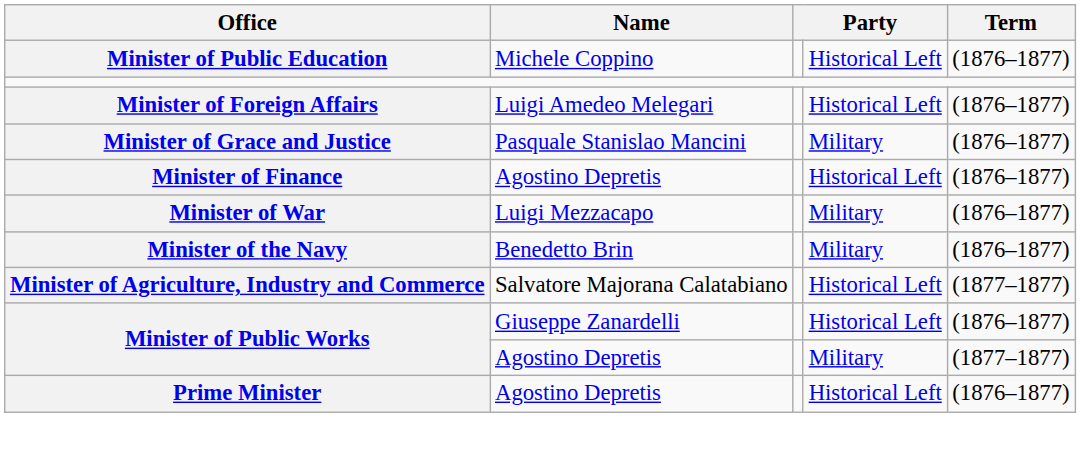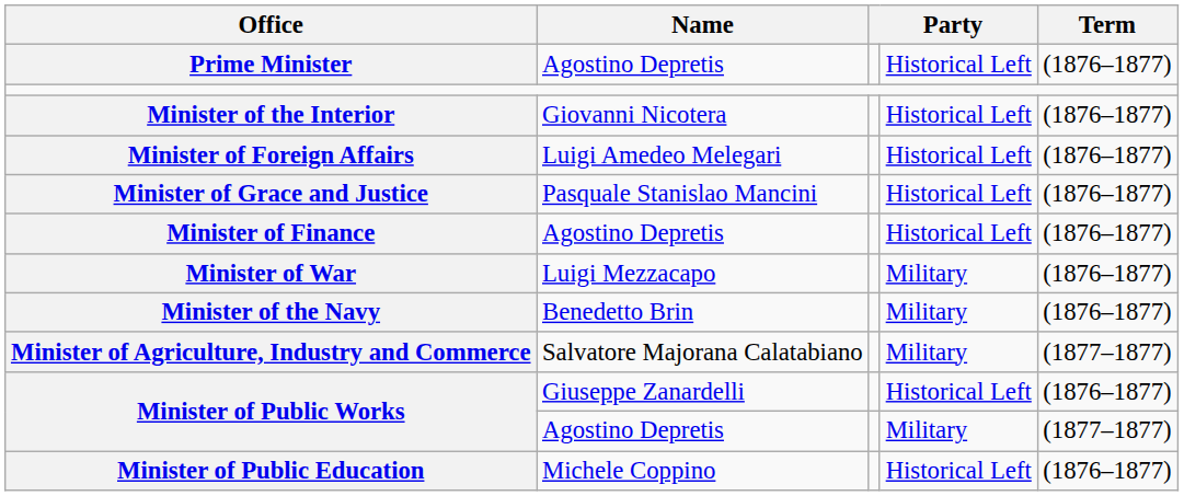 <table class="wikitable" style="font-size: 100%;">
 <tr>
 <th>Office</th>
 <th>Name</th>
 <th colspan=2>Party</th>
 <th>Term</th>
 </tr>
 <tr>
-<th><a href='#'>Minister of Public Education</a></th>
-<td><a href='#'>Michele Coppino</a></td>
+<th><a href='#'>Prime Minister</a></th>
+<td><a href='#'>Agostino Depretis</a></td>
 <td style="color:inherit;background:"></td>
 <td><a href='#'>Historical Left</a></td>
 <td>(1876–1877)</td>
 </tr>
 <tr>
 <td colspan=5></td>
+</tr>
+<tr>
+<th><a href='#'>Minister of the Interior</a></th>
+<td><a href='#'>Giovanni Nicotera</a></td>
+<td style="color:inherit;background:"></td>
+<td><a href='#'>Historical Left</a></td>
+<td>(1876–1877)</td>
 </tr>
 <tr>
 <th><a href='#'>Minister of Foreign Affairs</a></th>
 <td><a href='#'>Luigi Amedeo Melegari</a></td>
 <td style="color:inherit;background:"></td>
 <td><a href='#'>Historical Left</a></td>
 <td>(1876–1877)</td>
 </tr>
 <tr>
 <th><a href='#'>Minister of Grace and Justice</a></th>
 <td><a href='#'>Pasquale Stanislao Mancini</a></td>
 <td style="color:inherit;background:"></td>
-<td><a href='#'>Military</a></td>
+<td><a href='#'>Historical Left</a></td>
 <td>(1876–1877)</td>
 </tr>
 <tr>
 <th><a href='#'>Minister of Finance</a></th>
 <td><a href='#'>Agostino Depretis</a></td>
 <td style="color:inherit;background:"></td>
 <td><a href='#'>Historical Left</a></td>
 <td>(1876–1877)</td>
 </tr>
 <tr>
 <th><a href='#'>Minister of War</a></th>
 <td><a href='#'>Luigi Mezzacapo</a></td>
 <td style="color:inherit;background:"></td>
 <td><a href='#'>Military</a></td>
 <td>(1876–1877)</td>
 </tr>
 <tr>
 <th><a href='#'>Minister of the Navy</a></th>
 <td><a href='#'>Benedetto Brin</a></td>
 <td style="color:inherit;background:"></td>
 <td><a href='#'>Military</a></td>
 <td>(1876–1877)</td>
 </tr>
 <tr>
 <th><a href='#'>Minister of Agriculture, Industry and Commerce</a></th>
 <td>Salvatore Majorana Calatabiano</td>
 <td style="color:inherit;background:"></td>
-<td><a href='#'>Historical Left</a></td>
+<td><a href='#'>Military</a></td>
 <td>(1877–1877)</td>
 </tr>
 <tr>
 <th rowspan=2><a href='#'>Minister of Public Works</a></th>
 <td><a href='#'>Giuseppe Zanardelli</a></td>
 <td style="color:inherit;background:"></td>
 <td><a href='#'>Historical Left</a></td>
 <td>(1876–1877)</td>
 </tr>
 <tr>
 <td><a href='#'>Agostino Depretis</a></td>
 <td style="color:inherit;background:"></td>
 <td><a href='#'>Military</a></td>
 <td>(1877–1877)</td>
 </tr>
 <tr>
-<th><a href='#'>Prime Minister</a></th>
-<td><a href='#'>Agostino Depretis</a></td>
+<th><a href='#'>Minister of Public Education</a></th>
+<td><a href='#'>Michele Coppino</a></td>
 <td style="color:inherit;background:"></td>
 <td><a href='#'>Historical Left</a></td>
 <td>(1876–1877)</td>
 </tr>
 </table>
